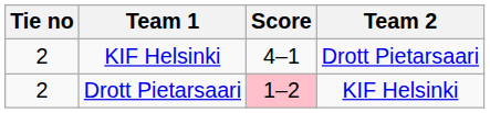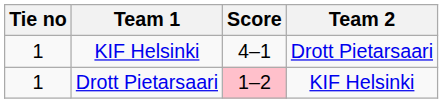 <table class="wikitable" style="text-align:center">
 <tr>
 <th style= width="40px">Tie no</th>
 <th style= width="150px">Team 1</th>
 <th style= width="60px">Score</th>
 <th style= width="150px">Team 2</th>
 </tr>
 <tr>
-<td>2</td>
+<td>1</td>
 <td><a href='#'>KIF Helsinki</a></td>
 <td>4–1</td>
 <td><a href='#'>Drott Pietarsaari</a></td>
 </tr>
 <tr>
-<td>2</td>
+<td>1</td>
 <td><a href='#'>Drott Pietarsaari</a></td>
 <td style="background: pink;">1–2</td>
 <td><a href='#'>KIF Helsinki</a></td>
 </tr>
 </table>
